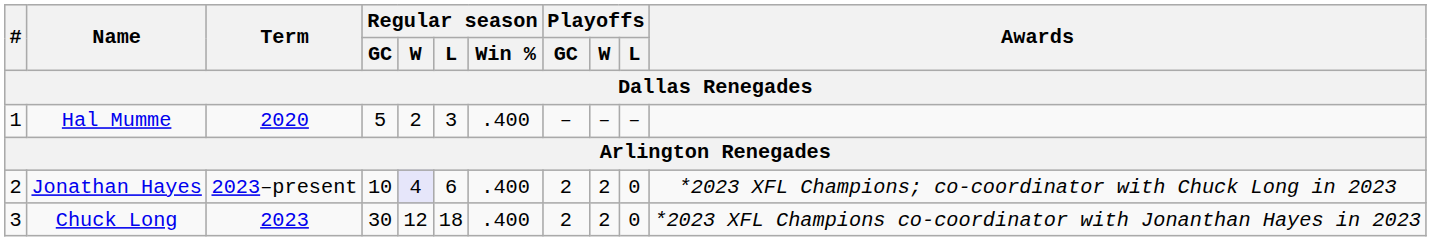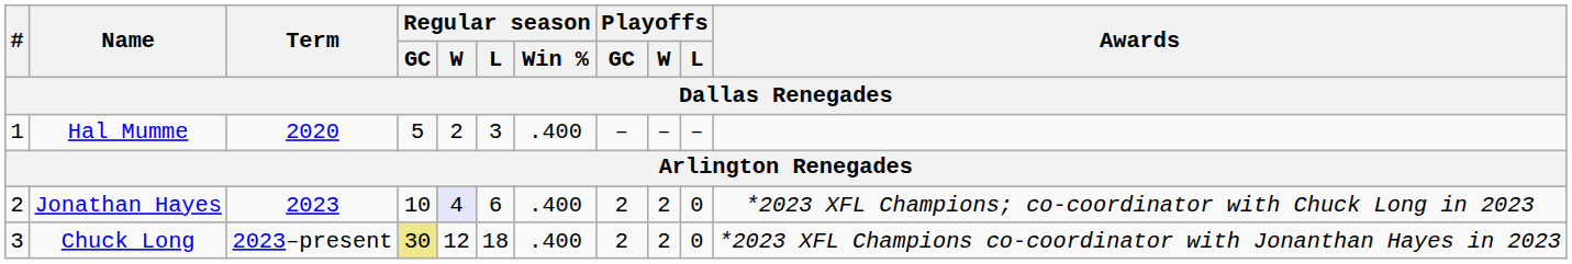 <table class="wikitable" style="text-align:center">
 <tr>
 <th rowspan="2">#</th>
 <th rowspan="2">Name</th>
 <th rowspan="2">Term</th>
 <th colspan="4">Regular season</th>
 <th colspan="3">Playoffs</th>
 <th rowspan="2">Awards</th>
 </tr>
 <tr>
 <th>GC</th>
 <th>W</th>
 <th>L</th>
 <th>Win %</th>
 <th>GC</th>
 <th>W</th>
 <th>L</th>
 </tr>
 <tr>
 <th colspan="11">Dallas Renegades</th>
 </tr>
 <tr>
 <td>1</td>
 <td><a href='#'>Hal Mumme</a></td>
 <td><a href='#'>2020</a></td>
 <td>5</td>
 <td>2</td>
 <td>3</td>
 <td>.400</td>
 <td>–</td>
 <td>–</td>
 <td>–</td>
 <td></td>
 </tr>
 <tr>
 <th colspan="11">Arlington Renegades</th>
 </tr>
 <tr>
 <td>2</td>
 <td><a href='#'>Jonathan Hayes</a></td>
-<td><a href='#'>2023</a>–present</td>
+<td><a href='#'>2023</a></td>
 <td>10</td>
 <td style="background: lavender;">4</td>
 <td>6</td>
 <td>.400</td>
 <td>2</td>
 <td>2</td>
 <td>0</td>
 <td><em>*2023 XFL Champions; co-coordinator with Chuck Long in 2023</em></td>
 </tr>
 <tr>
 <td>3</td>
 <td><a href='#'>Chuck Long</a></td>
-<td><a href='#'>2023</a></td>
-<td>30</td>
+<td><a href='#'>2023</a>–present</td>
+<td style="background: khaki;">30</td>
 <td>12</td>
 <td>18</td>
 <td>.400</td>
 <td>2</td>
 <td>2</td>
 <td>0</td>
 <td><em>*2023 XFL Champions co-coordinator with Jonanthan Hayes in 2023</em></td>
 </tr>
 </table>
